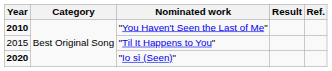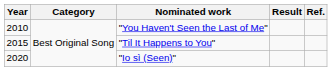 <table class="wikitable">
 <tr>
 <th>Year</th>
 <th>Category</th>
 <th>Nominated work</th>
 <th>Result</th>
 <th>Ref.</th>
 </tr>
 <tr>
-<td><strong>2010</strong></td>
+<td>2010</td>
 <td rowspan="3">Best Original Song</td>
 <td>"<a href='#'>You Haven't Seen the Last of Me</a>" </td>
 <td></td>
 <td align="center"></td>
 </tr>
 <tr>
 <td>2015</td>
 <td>"<a href='#'>Til It Happens to You</a>" </td>
 <td></td>
 <td align="center"></td>
 </tr>
 <tr>
-<td><strong>2020</strong></td>
+<td>2020</td>
 <td>"<a href='#'>Io sì (Seen)</a>" </td>
 <td></td>
 <td align="center"></td>
 </tr>
 </table>
